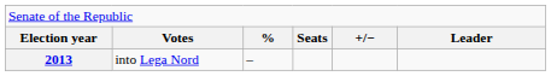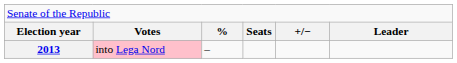 <table class=wikitable style="width:50%; border:1px #AAAAFF solid">
 <tr>
 <td colspan=6><a href='#'>Senate of the Republic</a></td>
 </tr>
 <tr>
 <th width=13%>Election year</th>
 <th width=16%>Votes</th>
 <th width=6%>%</th>
 <th width=1%>Seats</th>
 <th width=8%>+/−</th>
 <th width=18%>Leader</th>
 </tr>
 <tr>
 <th><a href='#'>2013</a></th>
-<td>into <a href='#'>Lega Nord</a></td>
+<td style="background: pink;">into <a href='#'>Lega Nord</a></td>
 <td>–</td>
 <td></td>
 <td></td>
 <td></td>
 </tr>
 </table>
